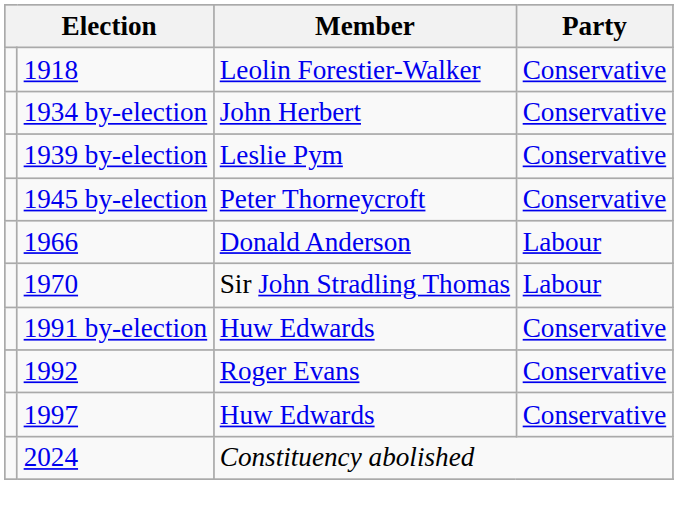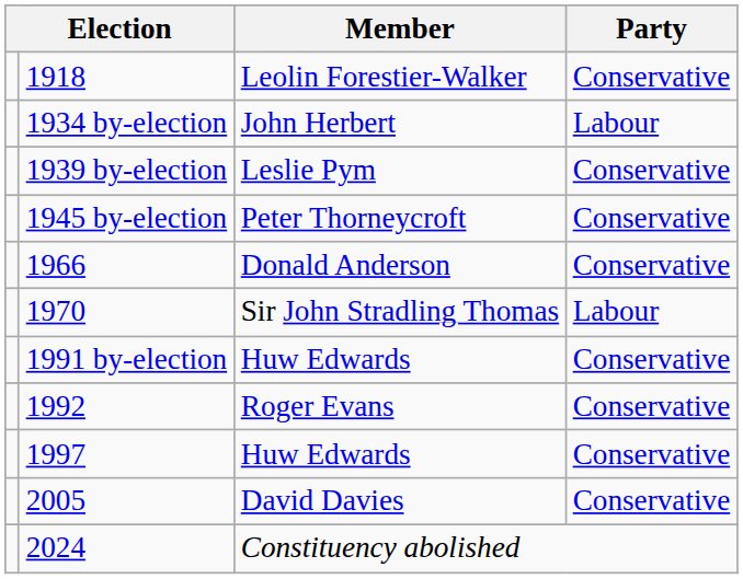 <table class="wikitable">
 <tr>
 <th colspan="2">Election</th>
 <th>Member</th>
 <th>Party</th>
 </tr>
 <tr>
 <td style="color:inherit;background-color: "></td>
 <td><a href='#'>1918</a></td>
 <td><a href='#'>Leolin Forestier-Walker</a></td>
 <td><a href='#'>Conservative</a></td>
 </tr>
 <tr>
 <td style="color:inherit;background-color: "></td>
 <td><a href='#'>1934 by-election</a></td>
 <td><a href='#'>John Herbert</a></td>
-<td><a href='#'>Conservative</a></td>
+<td><a href='#'>Labour</a></td>
 </tr>
 <tr>
 <td style="color:inherit;background-color: "></td>
 <td><a href='#'>1939 by-election</a></td>
 <td><a href='#'>Leslie Pym</a></td>
 <td><a href='#'>Conservative</a></td>
 </tr>
 <tr>
 <td style="color:inherit;background-color: "></td>
 <td><a href='#'>1945 by-election</a></td>
 <td><a href='#'>Peter Thorneycroft</a></td>
 <td><a href='#'>Conservative</a></td>
 </tr>
 <tr>
 <td style="color:inherit;background-color: "></td>
 <td><a href='#'>1966</a></td>
 <td><a href='#'>Donald Anderson</a></td>
-<td><a href='#'>Labour</a></td>
+<td><a href='#'>Conservative</a></td>
 </tr>
 <tr>
 <td style="color:inherit;background-color: "></td>
 <td><a href='#'>1970</a></td>
 <td>Sir <a href='#'>John Stradling Thomas</a></td>
 <td><a href='#'>Labour</a></td>
 </tr>
 <tr>
 <td style="color:inherit;background-color: "></td>
 <td><a href='#'>1991 by-election</a></td>
 <td><a href='#'>Huw Edwards</a></td>
 <td><a href='#'>Conservative</a></td>
 </tr>
 <tr>
 <td style="color:inherit;background-color: "></td>
 <td><a href='#'>1992</a></td>
 <td><a href='#'>Roger Evans</a></td>
 <td><a href='#'>Conservative</a></td>
 </tr>
 <tr>
 <td style="color:inherit;background-color: "></td>
 <td><a href='#'>1997</a></td>
 <td><a href='#'>Huw Edwards</a></td>
 <td><a href='#'>Conservative</a></td>
 </tr>
 <tr>
+<td style="color:inherit;background-color: "></td>
+<td><a href='#'>2005</a></td>
+<td><a href='#'>David Davies</a></td>
+<td><a href='#'>Conservative</a></td>
+</tr>
+<tr>
 <td></td>
 <td><a href='#'>2024</a></td>
 <td colspan="2"><em>Constituency abolished</em></td>
 </tr>
 </table>
